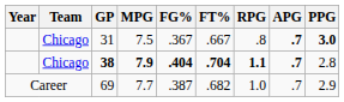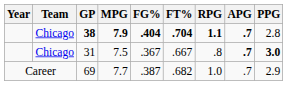 <table class="wikitable sortable" style="font-size:95%; text-align:right;">
 <tr>
 <th>Year</th>
 <th>Team</th>
 <th>GP</th>
 <th>MPG</th>
 <th>FG%</th>
 <th>FT%</th>
 <th>RPG</th>
 <th>APG</th>
 <th>PPG</th>
 </tr>
 <tr>
 <td style="text-align:left;"></td>
 <td style="text-align:left;"><a href='#'>Chicago</a></td>
+<td><strong>38</strong></td>
+<td><strong>7.9</strong></td>
+<td><strong>.404</strong></td>
+<td><strong>.704</strong></td>
+<td><strong>1.1</strong></td>
+<td><strong>.7</strong></td>
+<td>2.8</td>
+</tr>
+<tr>
+<td style="text-align:left;"></td>
+<td style="text-align:left;"><a href='#'>Chicago</a></td>
 <td>31</td>
 <td>7.5</td>
 <td>.367</td>
 <td>.667</td>
 <td>.8</td>
 <td><strong>.7</strong></td>
 <td><strong>3.0</strong></td>
-</tr>
-<tr>
-<td style="text-align:left;"></td>
-<td style="text-align:left;"><a href='#'>Chicago</a></td>
-<td><strong>38</strong></td>
-<td><strong>7.9</strong></td>
-<td><strong>.404</strong></td>
-<td><strong>.704</strong></td>
-<td><strong>1.1</strong></td>
-<td><strong>.7</strong></td>
-<td>2.8</td>
 </tr>
 <tr class="sortbottom">
 <td style="text-align:center;" colspan="2">Career</td>
 <td>69</td>
 <td>7.7</td>
 <td>.387</td>
 <td>.682</td>
 <td>1.0</td>
 <td>.7</td>
 <td>2.9</td>
 </tr>
 </table>
